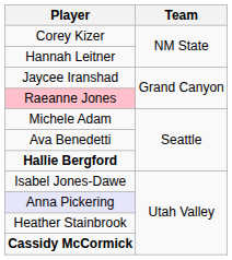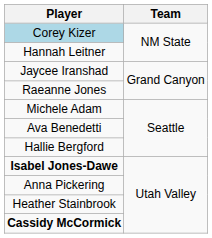 <table class="wikitable" style="text-align: center;">
 <tr>
 <th>Player</th>
 <th>Team</th>
 </tr>
 <tr>
-<td>Corey Kizer</td>
+<td style="background: lightblue;">Corey Kizer</td>
 <td rowspan=2>NM State</td>
 </tr>
 <tr>
 <td>Hannah Leitner</td>
 </tr>
 <tr>
 <td>Jaycee Iranshad</td>
 <td rowspan=2>Grand Canyon</td>
 </tr>
 <tr>
-<td style="background: pink;">Raeanne Jones</td>
+<td>Raeanne Jones</td>
 </tr>
 <tr>
 <td>Michele Adam</td>
 <td rowspan=3>Seattle</td>
 </tr>
 <tr>
 <td>Ava Benedetti</td>
 </tr>
 <tr>
-<td><strong>Hallie Bergford</strong></td>
+<td>Hallie Bergford</td>
 </tr>
 <tr>
-<td>Isabel Jones-Dawe</td>
+<td><strong>Isabel Jones-Dawe</strong></td>
 <td rowspan=4>Utah Valley</td>
 </tr>
 <tr>
-<td style="background: lavender;">Anna Pickering</td>
+<td>Anna Pickering</td>
 </tr>
 <tr>
 <td>Heather Stainbrook</td>
 </tr>
 <tr>
 <td><strong>Cassidy McCormick</strong></td>
 </tr>
 </table>
